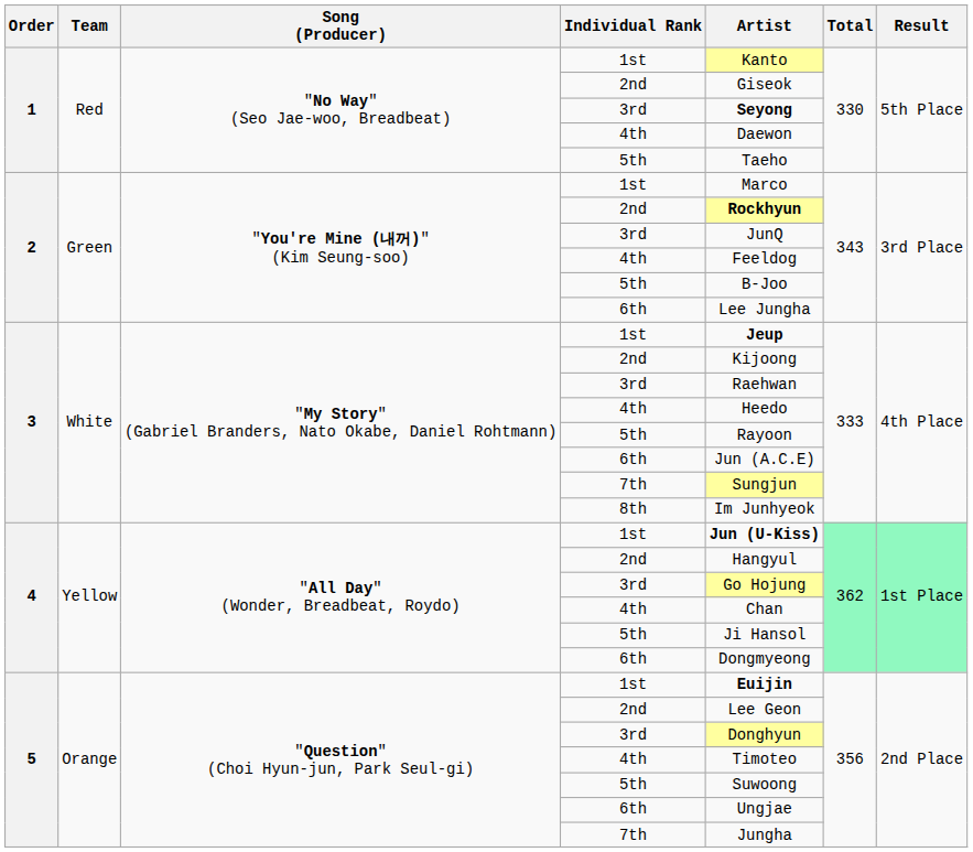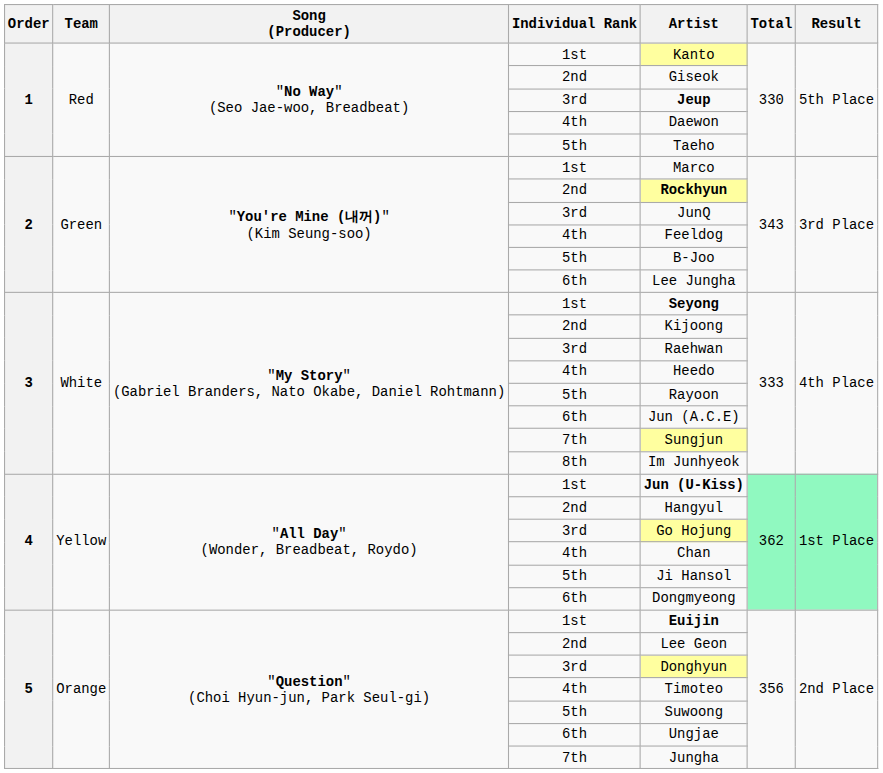 <table class="wikitable sortable" style="text-align:center;">
 <tr>
 <th>Order</th>
 <th>Team</th>
 <th>Song<br>(Producer)</th>
 <th>Individual Rank</th>
 <th>Artist</th>
 <th>Total</th>
 <th>Result</th>
 </tr>
 <tr>
 <th rowspan="5">1</th>
 <td rowspan="5">Red</td>
 <td rowspan="5">"<strong>No Way</strong>"<br>(Seo Jae-woo, Breadbeat)</td>
 <td>1st</td>
 <td style=background:#FFFF9F;>Kanto</td>
 <td rowspan="5">330</td>
 <td rowspan="5">5th Place</td>
 </tr>
 <tr>
 <td>2nd</td>
 <td>Giseok</td>
 </tr>
 <tr>
 <td>3rd</td>
-<td><strong>Seyong</strong></td>
+<td><strong>Jeup</strong></td>
 </tr>
 <tr>
 <td>4th</td>
 <td>Daewon</td>
 </tr>
 <tr>
 <td>5th</td>
 <td>Taeho</td>
 </tr>
 <tr>
 <th rowspan="6">2</th>
 <td rowspan="6">Green</td>
 <td rowspan="6">"<strong>You're Mine (내꺼)</strong>"<br>(Kim Seung-soo)</td>
 <td>1st</td>
 <td>Marco</td>
 <td rowspan="6">343</td>
 <td rowspan="6">3rd Place</td>
 </tr>
 <tr>
 <td>2nd</td>
 <td style=background:#FFFF9F;><strong>Rockhyun</strong></td>
 </tr>
 <tr>
 <td>3rd</td>
 <td>JunQ</td>
 </tr>
 <tr>
 <td>4th</td>
 <td>Feeldog</td>
 </tr>
 <tr>
 <td>5th</td>
 <td>B-Joo</td>
 </tr>
 <tr>
 <td>6th</td>
 <td>Lee Jungha</td>
 </tr>
 <tr>
 <th rowspan="8">3</th>
 <td rowspan="8">White</td>
 <td rowspan="8">"<strong>My Story</strong>"<br>(Gabriel Branders, Nato Okabe, Daniel Rohtmann)</td>
 <td>1st</td>
-<td><strong>Jeup</strong></td>
+<td><strong>Seyong</strong></td>
 <td rowspan="8">333</td>
 <td rowspan="8">4th Place</td>
 </tr>
 <tr>
 <td>2nd</td>
 <td>Kijoong</td>
 </tr>
 <tr>
 <td>3rd</td>
 <td>Raehwan</td>
 </tr>
 <tr>
 <td>4th</td>
 <td>Heedo</td>
 </tr>
 <tr>
 <td>5th</td>
 <td>Rayoon</td>
 </tr>
 <tr>
 <td>6th</td>
 <td>Jun (A.C.E)</td>
 </tr>
 <tr>
 <td>7th</td>
 <td style=background:#FFFF9F;>Sungjun</td>
 </tr>
 <tr>
 <td>8th</td>
 <td>Im Junhyeok</td>
 </tr>
 <tr>
 <th rowspan="6">4</th>
 <td rowspan="6">Yellow</td>
 <td rowspan="6">"<strong>All Day</strong>" <br>(Wonder, Breadbeat, Roydo)</td>
 <td>1st</td>
 <td><strong>Jun (U-Kiss)</strong></td>
 <td rowspan="6" style="background:#90F9C0;">362</td>
 <td rowspan="6" style="background:#90F9C0;">1st Place</td>
 </tr>
 <tr>
 <td>2nd</td>
 <td>Hangyul</td>
 </tr>
 <tr>
 <td>3rd</td>
 <td style=background:#FFFF9F;>Go Hojung</td>
 </tr>
 <tr>
 <td>4th</td>
 <td>Chan</td>
 </tr>
 <tr>
 <td>5th</td>
 <td>Ji Hansol</td>
 </tr>
 <tr>
 <td>6th</td>
 <td>Dongmyeong</td>
 </tr>
 <tr>
 <th rowspan="7">5</th>
 <td rowspan="7">Orange</td>
 <td rowspan="7">"<strong>Question</strong>"<br>(Choi Hyun-jun, Park Seul-gi)</td>
 <td>1st</td>
 <td><strong>Euijin</strong></td>
 <td rowspan="7">356</td>
 <td rowspan="7">2nd Place</td>
 </tr>
 <tr>
 <td>2nd</td>
 <td>Lee Geon</td>
 </tr>
 <tr>
 <td>3rd</td>
 <td style=background:#FFFF9F;>Donghyun</td>
 </tr>
 <tr>
 <td>4th</td>
 <td>Timoteo</td>
 </tr>
 <tr>
 <td>5th</td>
 <td>Suwoong</td>
 </tr>
 <tr>
 <td>6th</td>
 <td>Ungjae</td>
 </tr>
 <tr>
 <td>7th</td>
 <td>Jungha</td>
 </tr>
 <tr>
 </tr>
 </table>
